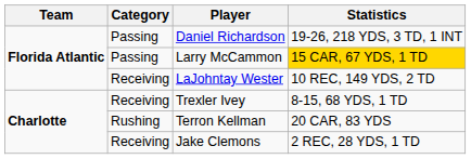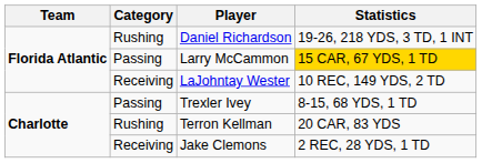 <table class="wikitable" style="float: left;">
 <tr>
 <th>Team</th>
 <th>Category</th>
 <th>Player</th>
 <th>Statistics</th>
 </tr>
 <tr>
 <td rowspan=3><strong>Florida Atlantic</strong></td>
-<td>Passing</td>
+<td>Rushing</td>
 <td><a href='#'>Daniel Richardson</a></td>
 <td>19-26, 218 YDS, 3 TD, 1 INT</td>
 </tr>
 <tr>
 <td>Passing</td>
 <td>Larry McCammon</td>
 <td style="background: gold;">15 CAR, 67 YDS, 1 TD</td>
 </tr>
 <tr>
 <td>Receiving</td>
 <td><a href='#'>LaJohntay Wester</a></td>
 <td>10 REC, 149 YDS, 2 TD</td>
 </tr>
 <tr>
 <td rowspan=3><strong>Charlotte</strong></td>
-<td>Receiving</td>
+<td>Passing</td>
 <td>Trexler Ivey</td>
 <td>8-15, 68 YDS, 1 TD</td>
 </tr>
 <tr>
 <td>Rushing</td>
 <td>Terron Kellman</td>
 <td>20 CAR, 83 YDS</td>
 </tr>
 <tr>
 <td>Receiving</td>
 <td>Jake Clemons</td>
 <td>2 REC, 28 YDS, 1 TD</td>
 </tr>
 </table>
